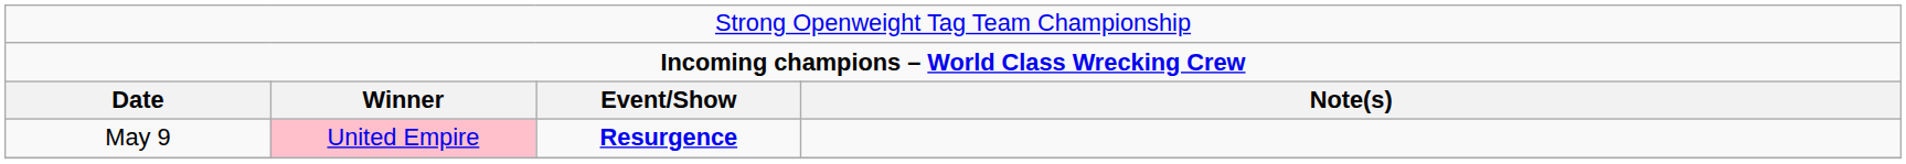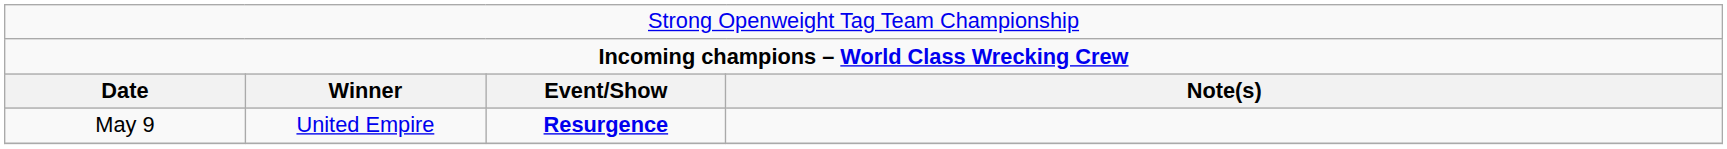 <table class="wikitable" style="text-align:center; width:100%;">
 <tr>
 <td colspan="4" style="text-align: center;"><a href='#'>Strong Openweight Tag Team Championship</a></td>
 </tr>
 <tr>
 <td colspan="4" style="text-align: center;"><strong>Incoming champions – <a href='#'>World Class Wrecking Crew</a> </strong></td>
 </tr>
 <tr>
 <th width=14%>Date</th>
 <th width=14%>Winner</th>
 <th width=14%>Event/Show</th>
 <th width=58%>Note(s)</th>
 </tr>
 <tr>
 <td>May 9</td>
-<td style="background: pink;"><a href='#'>United Empire</a><br></td>
+<td><a href='#'>United Empire</a><br></td>
 <td><strong><a href='#'>Resurgence</a></strong></td>
 <td></td>
 </tr>
 <tr>
 </tr>
 </table>
